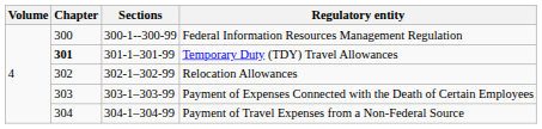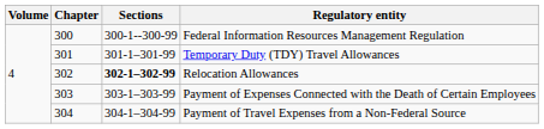 <table class="wikitable">
 <tr>
 <th>Volume</th>
 <th>Chapter</th>
 <th>Sections</th>
 <th>Regulatory entity</th>
 </tr>
 <tr>
 <td rowspan="5">4</td>
 <td>300</td>
 <td>300-1--300-99</td>
 <td>Federal Information Resources Management Regulation</td>
 </tr>
 <tr>
-<td><strong>301</strong></td>
+<td>301</td>
 <td>301-1–301-99</td>
 <td><a href='#'>Temporary Duty</a> (TDY) Travel Allowances</td>
 </tr>
 <tr>
 <td>302</td>
-<td>302-1–302-99</td>
+<td><strong>302-1–302-99</strong></td>
 <td>Relocation Allowances</td>
 </tr>
 <tr>
 <td>303</td>
 <td>303-1–303-99</td>
 <td>Payment of Expenses Connected with the Death of Certain Employees</td>
 </tr>
 <tr>
 <td>304</td>
 <td>304-1–304-99</td>
 <td>Payment of Travel Expenses from a Non-Federal Source</td>
 </tr>
 </table>
